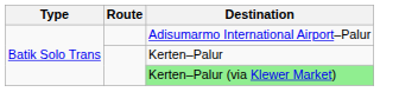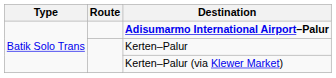 <table class="wikitable">
 <tr>
 <th>Type</th>
 <th>Route</th>
 <th>Destination</th>
 </tr>
 <tr>
 <td rowspan="3"><a href='#'>Batik Solo Trans</a></td>
 <td></td>
-<td><a href='#'>Adisumarmo International Airport</a>–Palur</td>
+<td><strong><a href='#'>Adisumarmo International Airport</a>–Palur</strong></td>
 </tr>
 <tr>
 <td rowspan="2"></td>
 <td>Kerten–Palur</td>
 </tr>
 <tr>
-<td style="background: lightgreen;">Kerten–Palur (via <a href='#'>Klewer Market</a>)</td>
+<td>Kerten–Palur (via <a href='#'>Klewer Market</a>)</td>
 </tr>
 </table>
